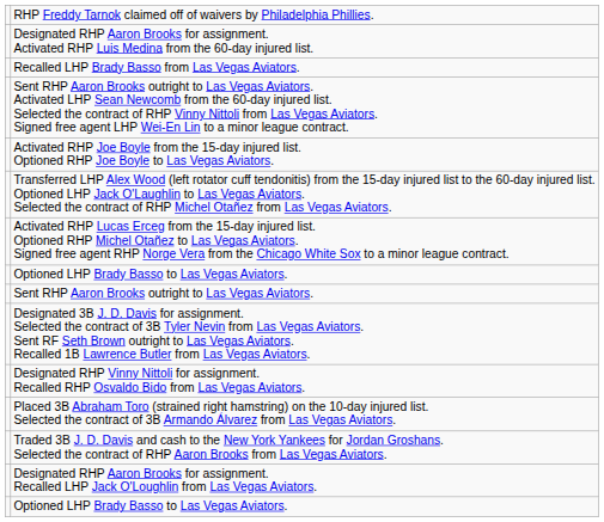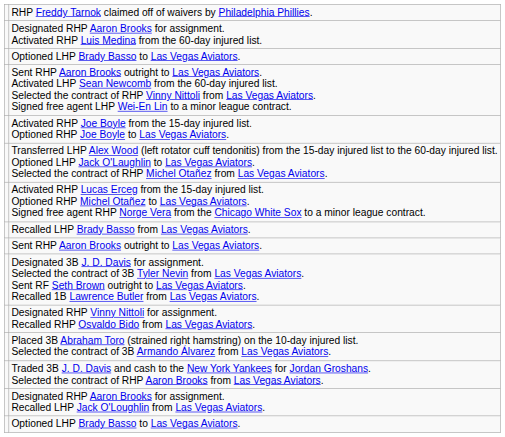 <table class="wikitable">
 <tr>
 <td></td>
 <td>RHP <a href='#'>Freddy Tarnok</a> claimed off of waivers by <a href='#'>Philadelphia Phillies</a>.</td>
 </tr>
 <tr>
 <td></td>
 <td>Designated RHP <a href='#'>Aaron Brooks</a> for assignment. <br> Activated RHP <a href='#'>Luis Medina</a> from the 60-day injured list.</td>
 </tr>
 <tr>
 <td></td>
-<td>Recalled LHP <a href='#'>Brady Basso</a> from <a href='#'>Las Vegas Aviators</a>.</td>
+<td>Optioned LHP <a href='#'>Brady Basso</a> to <a href='#'>Las Vegas Aviators</a>.</td>
 </tr>
 <tr>
 <td></td>
 <td>Sent RHP <a href='#'>Aaron Brooks</a> outright to <a href='#'>Las Vegas Aviators</a>. <br> Activated LHP <a href='#'>Sean Newcomb</a> from the 60-day injured list. <br> Selected the contract of RHP <a href='#'>Vinny Nittoli</a> from <a href='#'>Las Vegas Aviators</a>. <br> Signed free agent LHP <a href='#'>Wei-En Lin</a> to a minor league contract.</td>
 </tr>
 <tr>
 <td></td>
 <td>Activated RHP <a href='#'>Joe Boyle</a> from the 15-day injured list. <br> Optioned RHP <a href='#'>Joe Boyle</a> to <a href='#'>Las Vegas Aviators</a>.</td>
 </tr>
 <tr>
 <td></td>
 <td>Transferred LHP <a href='#'>Alex Wood</a> (left rotator cuff tendonitis) from the 15-day injured list to the 60-day injured list. <br> Optioned LHP <a href='#'>Jack O'Laughlin</a> to <a href='#'>Las Vegas Aviators</a>. <br> Selected the contract of RHP <a href='#'>Michel Otañez</a> from <a href='#'>Las Vegas Aviators</a>.</td>
 </tr>
 <tr>
 <td></td>
 <td>Activated RHP <a href='#'>Lucas Erceg</a> from the 15-day injured list. <br> Optioned RHP <a href='#'>Michel Otañez</a> to <a href='#'>Las Vegas Aviators</a>. <br> Signed free agent RHP <a href='#'>Norge Vera</a> from the <a href='#'>Chicago White Sox</a> to a minor league contract.</td>
 </tr>
 <tr>
 <td></td>
-<td>Optioned LHP <a href='#'>Brady Basso</a> to <a href='#'>Las Vegas Aviators</a>.</td>
+<td>Recalled LHP <a href='#'>Brady Basso</a> from <a href='#'>Las Vegas Aviators</a>.</td>
 </tr>
 <tr>
 <td></td>
 <td>Sent RHP <a href='#'>Aaron Brooks</a> outright to <a href='#'>Las Vegas Aviators</a>.</td>
 </tr>
 <tr>
 <td></td>
 <td>Designated 3B <a href='#'>J. D. Davis</a> for assignment. <br> Selected the contract of 3B <a href='#'>Tyler Nevin</a> from <a href='#'>Las Vegas Aviators</a>. <br> Sent RF <a href='#'>Seth Brown</a> outright to <a href='#'>Las Vegas Aviators</a>. <br> Recalled 1B <a href='#'>Lawrence Butler</a> from <a href='#'>Las Vegas Aviators</a>.</td>
 </tr>
 <tr>
 <td></td>
 <td>Designated RHP <a href='#'>Vinny Nittoli</a> for assignment. <br> Recalled RHP <a href='#'>Osvaldo Bido</a> from <a href='#'>Las Vegas Aviators</a>.</td>
 </tr>
 <tr>
 <td></td>
 <td>Placed 3B <a href='#'>Abraham Toro</a> (strained right hamstring) on the 10-day injured list. <br> Selected the contract of 3B <a href='#'>Armando Álvarez</a> from <a href='#'>Las Vegas Aviators</a>.</td>
 </tr>
 <tr>
 <td></td>
 <td>Traded 3B <a href='#'>J. D. Davis</a> and cash to the <a href='#'>New York Yankees</a> for <a href='#'>Jordan Groshans</a>. <br> Selected the contract of RHP <a href='#'>Aaron Brooks</a> from <a href='#'>Las Vegas Aviators</a>.</td>
 </tr>
 <tr>
 <td></td>
 <td>Designated RHP <a href='#'>Aaron Brooks</a> for assignment. <br> Recalled LHP <a href='#'>Jack O'Loughlin</a> from <a href='#'>Las Vegas Aviators</a>.</td>
 </tr>
 <tr>
 <td></td>
 <td>Optioned LHP <a href='#'>Brady Basso</a> to <a href='#'>Las Vegas Aviators</a>.</td>
 </tr>
 </table>
